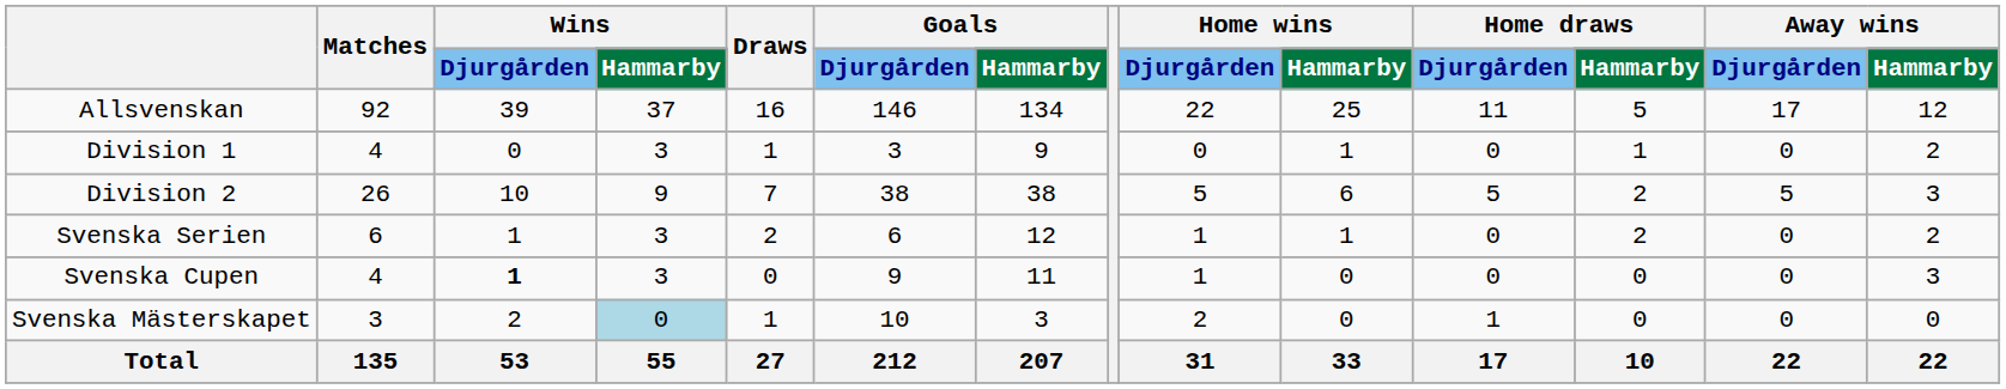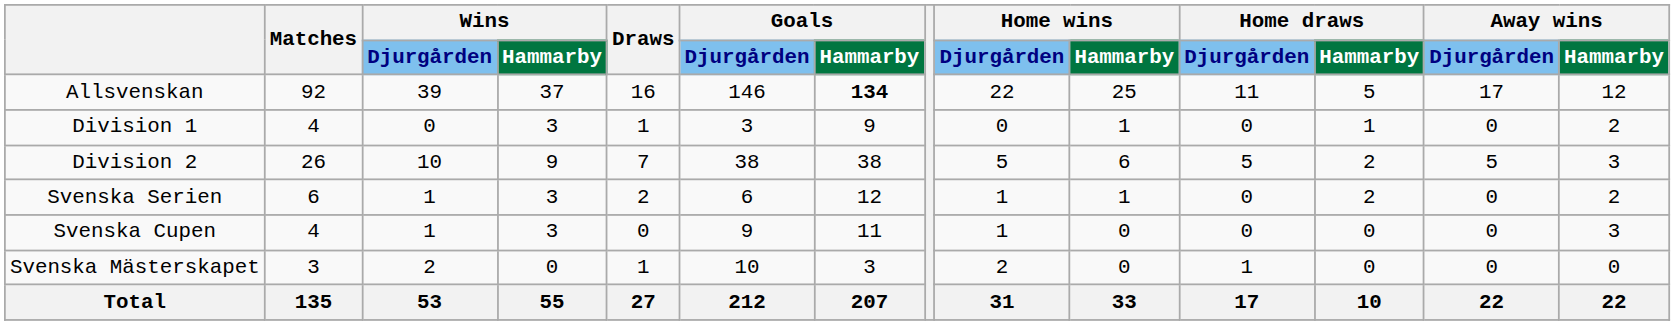 <table class="wikitable" style="font-size:90%; text-align: center">
 <tr>
 <th rowspan="2"></th>
 <th rowspan="2">Matches</th>
 <th colspan="2">Wins</th>
 <th rowspan="2">Draws</th>
 <th colspan="2">Goals</th>
 <th rowspan="10"></th>
 <th colspan="2">Home wins</th>
 <th colspan="2">Home draws</th>
 <th colspan="2">Away wins</th>
 </tr>
 <tr>
 <th style="color:#000080; background:#7EC0EE;">Djurgården</th>
 <th style="color:white; background:#007640;">Hammarby</th>
 <th style="color:#000080; background:#7EC0EE;">Djurgården</th>
 <th style="color:white; background:#007640;">Hammarby</th>
 <th style="color:#000080; background:#7EC0EE;">Djurgården</th>
 <th style="color:white; background:#007640;">Hammarby</th>
 <th style="color:#000080; background:#7EC0EE;">Djurgården</th>
 <th style="color:white; background:#007640;">Hammarby</th>
 <th style="color:#000080; background:#7EC0EE;">Djurgården</th>
 <th style="color:white; background:#007640;">Hammarby</th>
 </tr>
 <tr>
 <td>Allsvenskan</td>
 <td>92</td>
 <td>39</td>
 <td>37</td>
 <td>16</td>
 <td>146</td>
-<td>134</td>
+<td><strong>134</strong></td>
 <td>22</td>
 <td>25</td>
 <td>11</td>
 <td>5</td>
 <td>17</td>
 <td>12</td>
 </tr>
 <tr>
 <td>Division 1</td>
 <td>4</td>
 <td>0</td>
 <td>3</td>
 <td>1</td>
 <td>3</td>
 <td>9</td>
 <td>0</td>
 <td>1</td>
 <td>0</td>
 <td>1</td>
 <td>0</td>
 <td>2</td>
 </tr>
 <tr>
 <td>Division 2</td>
 <td>26</td>
 <td>10</td>
 <td>9</td>
 <td>7</td>
 <td>38</td>
 <td>38</td>
 <td>5</td>
 <td>6</td>
 <td>5</td>
 <td>2</td>
 <td>5</td>
 <td>3</td>
 </tr>
 <tr>
 <td>Svenska Serien</td>
 <td>6</td>
 <td>1</td>
 <td>3</td>
 <td>2</td>
 <td>6</td>
 <td>12</td>
 <td>1</td>
 <td>1</td>
 <td>0</td>
 <td>2</td>
 <td>0</td>
 <td>2</td>
 </tr>
 <tr>
 <td>Svenska Cupen</td>
 <td>4</td>
-<td><strong>1</strong></td>
+<td>1</td>
 <td>3</td>
 <td>0</td>
 <td>9</td>
 <td>11</td>
 <td>1</td>
 <td>0</td>
 <td>0</td>
 <td>0</td>
 <td>0</td>
 <td>3</td>
 </tr>
 <tr>
 <td>Svenska Mästerskapet</td>
 <td>3</td>
 <td>2</td>
-<td style="background: lightblue;">0</td>
+<td>0</td>
 <td>1</td>
 <td>10</td>
 <td>3</td>
 <td>2</td>
 <td>0</td>
 <td>1</td>
 <td>0</td>
 <td>0</td>
 <td>0</td>
 </tr>
 <tr>
 <th>Total</th>
 <th>135</th>
 <th>53</th>
 <th>55</th>
 <th>27</th>
 <th>212</th>
 <th>207</th>
 <th>31</th>
 <th>33</th>
 <th>17</th>
 <th>10</th>
 <th>22</th>
 <th>22</th>
 </tr>
 </table>
